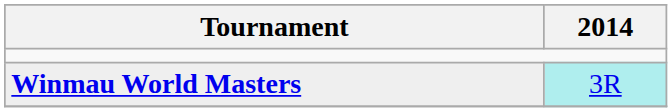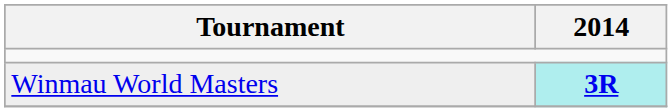 <table class="wikitable" style="width:30%; margin:0">
 <tr>
 <th>Tournament</th>
 <th>2014</th>
 </tr>
 <tr>
 <td colspan="31" align="left"><strong></strong></td>
 </tr>
 <tr>
-<td style="background:#efefef;" align=left><strong><a href='#'>Winmau World Masters</a></strong></td>
-<td style="text-align:center; background:#afeeee;"><a href='#'>3R</a></td>
+<td style="background:#efefef;" align=left><a href='#'>Winmau World Masters</a></td>
+<td style="text-align:center; background:#afeeee;"><strong><a href='#'>3R</a></strong></td>
 </tr>
 <tr>
 </tr>
 </table>
